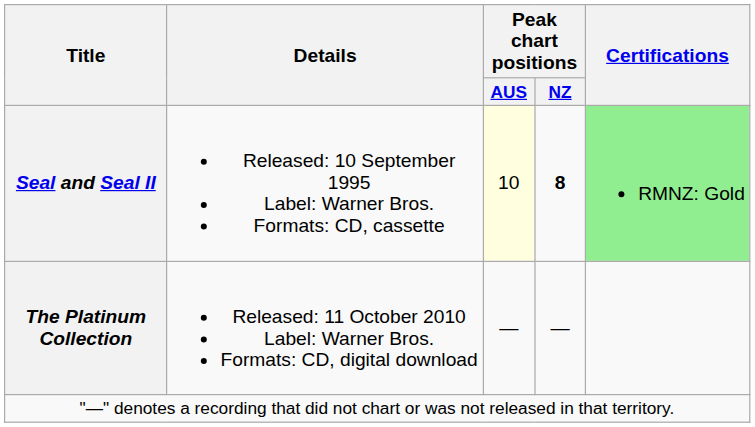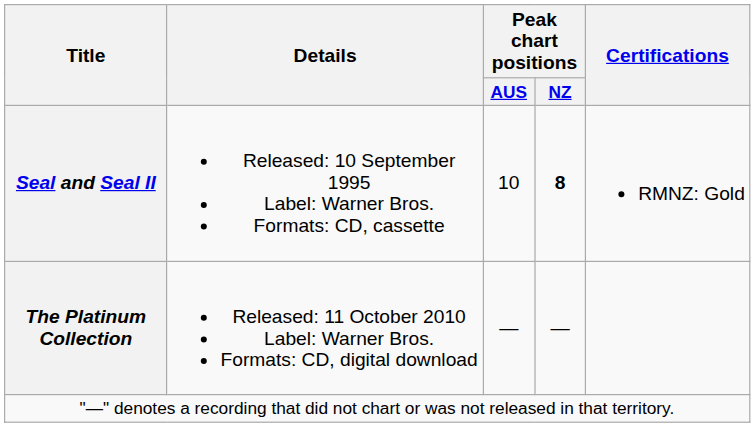 <table class="wikitable plainrowheaders" style="text-align:center;">
 <tr>
 <th scope="col" rowspan="2" style="width:8em;">Title</th>
 <th scope="col" rowspan="2" style="width:16em;">Details</th>
 <th scope="col" colspan="2">Peak chart positions</th>
 <th scope="col" rowspan="2"><a href='#'>Certifications</a></th>
 </tr>
 <tr>
 <th scope="col" style="width:2.5em;font-size:90%;"><a href='#'>AUS</a><br></th>
 <th scope="col" style="width:2.5em;font-size:90%;"><a href='#'>NZ</a><br></th>
 </tr>
 <tr>
 <th scope="row"><em><a href='#'>Seal</a> and <a href='#'>Seal II</a></em></th>
 <td><br><ul><li>Released: 10 September 1995</li><li>Label: Warner Bros.</li><li>Formats: CD, cassette</li></ul></td>
-<td style="background: lightyellow;">10</td>
+<td>10</td>
 <td><strong>8</strong></td>
-<td style="background: lightgreen;"><br><ul><li>RMNZ: Gold</li></ul></td>
+<td><br><ul><li>RMNZ: Gold</li></ul></td>
 </tr>
 <tr>
 <th scope="row"><em>The Platinum Collection</em></th>
 <td><br><ul><li>Released: 11 October 2010</li><li>Label: Warner Bros.</li><li>Formats: CD, digital download</li></ul></td>
 <td>—</td>
 <td>—</td>
 <td></td>
 </tr>
 <tr>
 <td colspan="15" style="font-size:90%">"—" denotes a recording that did not chart or was not released in that territory.</td>
 </tr>
 </table>
